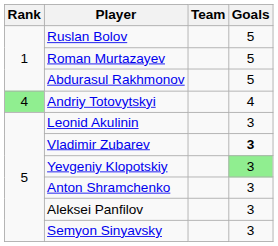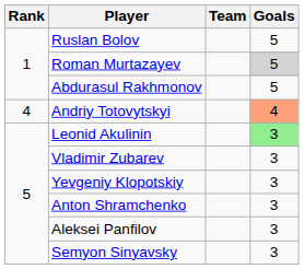 <table class="wikitable">
 <tr>
 <th>Rank</th>
 <th>Player</th>
 <th>Team</th>
 <th>Goals</th>
 </tr>
 <tr>
 <td align=center rowspan="3">1</td>
 <td> <a href='#'>Ruslan Bolov</a></td>
 <td></td>
 <td align=center>5</td>
 </tr>
 <tr>
 <td> <a href='#'>Roman Murtazayev</a></td>
 <td></td>
-<td align=center>5</td>
+<td align=center style="background: lightgrey;">5</td>
 </tr>
 <tr>
 <td> <a href='#'>Abdurasul Rakhmonov</a></td>
 <td></td>
 <td align=center>5</td>
 </tr>
 <tr>
-<td align=center style="background: lightgreen;">4</td>
+<td align=center>4</td>
 <td> <a href='#'>Andriy Totovytskyi</a></td>
 <td></td>
-<td align=center>4</td>
+<td align=center style="background: lightsalmon;">4</td>
 </tr>
 <tr>
 <td align=center rowspan="6">5</td>
 <td> <a href='#'>Leonid Akulinin</a></td>
 <td></td>
-<td align=center>3</td>
+<td align=center style="background: lightgreen;">3</td>
 </tr>
 <tr>
 <td> <a href='#'>Vladimir Zubarev</a></td>
 <td></td>
-<td align=center><strong>3</strong></td>
+<td align=center>3</td>
 </tr>
 <tr>
 <td> <a href='#'>Yevgeniy Klopotskiy</a></td>
 <td></td>
-<td align=center style="background: lightgreen;">3</td>
+<td align=center>3</td>
 </tr>
 <tr>
 <td> <a href='#'>Anton Shramchenko</a></td>
 <td></td>
 <td align=center>3</td>
 </tr>
 <tr>
 <td> Aleksei Panfilov</td>
 <td></td>
 <td align=center>3</td>
 </tr>
 <tr>
 <td> <a href='#'>Semyon Sinyavsky</a></td>
 <td></td>
 <td align=center>3</td>
 </tr>
 </table>
